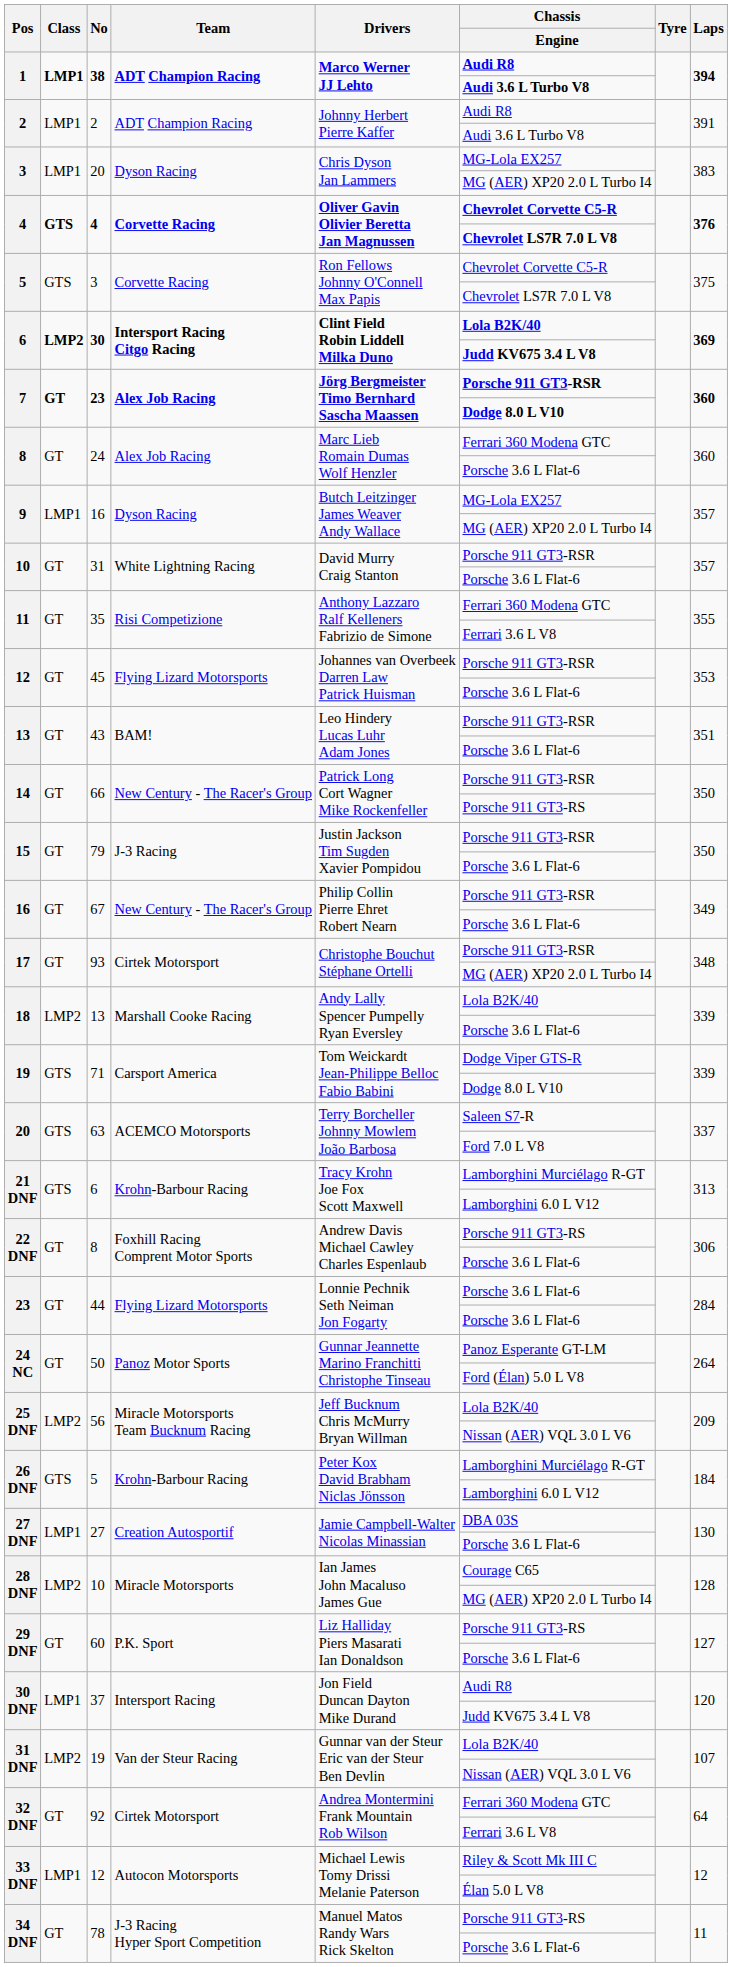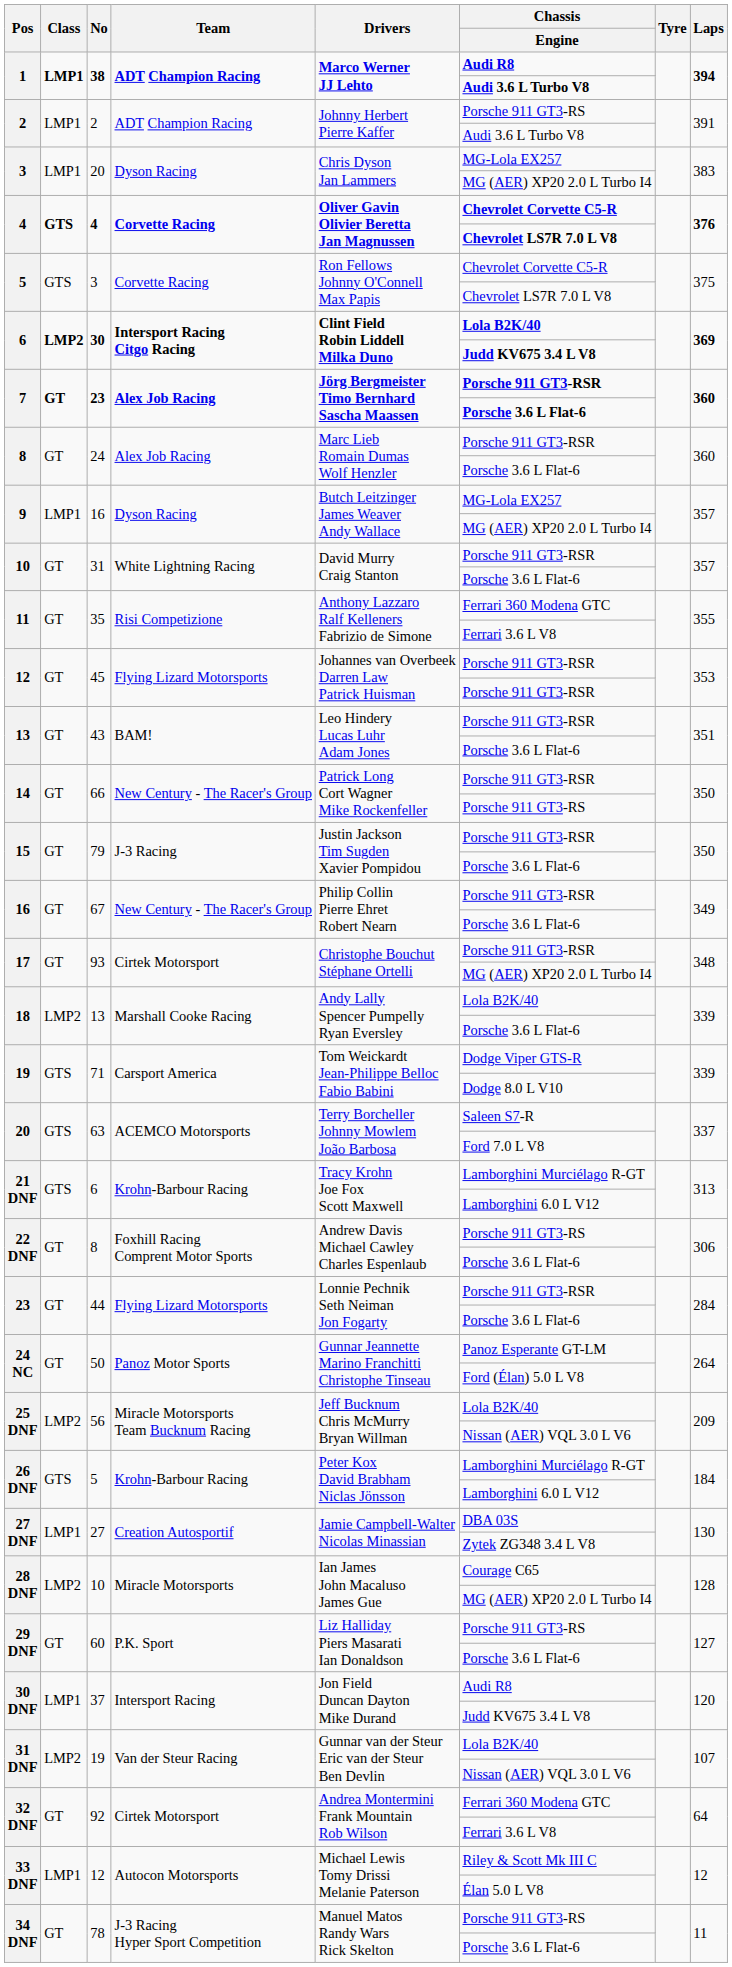 <table class="wikitable" style="font-size: 95%;">
 <tr>
 <th rowspan=2>Pos</th>
 <th rowspan=2>Class</th>
 <th rowspan=2>No</th>
 <th rowspan=2>Team</th>
 <th rowspan=2>Drivers</th>
 <th>Chassis</th>
 <th rowspan=2>Tyre</th>
 <th rowspan=2>Laps</th>
 </tr>
 <tr>
 <th>Engine</th>
 </tr>
 <tr style="font-weight:bold">
 <th rowspan=2>1</th>
 <td rowspan=2>LMP1</td>
 <td rowspan=2>38</td>
 <td rowspan=2> <a href='#'>ADT</a> <a href='#'>Champion Racing</a></td>
 <td rowspan=2> <a href='#'>Marco Werner</a><br> <a href='#'>JJ Lehto</a></td>
 <td><a href='#'>Audi R8</a></td>
 <td rowspan=2></td>
 <td rowspan=2>394</td>
 </tr>
 <tr style="font-weight:bold">
 <td><a href='#'>Audi</a> 3.6 L Turbo V8</td>
 </tr>
 <tr>
 <th rowspan=2>2</th>
 <td rowspan=2>LMP1</td>
 <td rowspan=2>2</td>
 <td rowspan=2> <a href='#'>ADT</a> <a href='#'>Champion Racing</a></td>
 <td rowspan=2> <a href='#'>Johnny Herbert</a><br> <a href='#'>Pierre Kaffer</a></td>
-<td><a href='#'>Audi R8</a></td>
+<td><a href='#'>Porsche 911 GT3</a>-RS</td>
 <td rowspan=2></td>
 <td rowspan=2>391</td>
 </tr>
 <tr>
 <td><a href='#'>Audi</a> 3.6 L Turbo V8</td>
 </tr>
 <tr>
 <th rowspan=2>3</th>
 <td rowspan=2>LMP1</td>
 <td rowspan=2>20</td>
 <td rowspan=2> <a href='#'>Dyson Racing</a></td>
 <td rowspan=2> <a href='#'>Chris Dyson</a><br> <a href='#'>Jan Lammers</a></td>
 <td><a href='#'>MG-Lola EX257</a></td>
 <td rowspan=2></td>
 <td rowspan=2>383</td>
 </tr>
 <tr>
 <td><a href='#'>MG</a> (<a href='#'>AER</a>) XP20 2.0 L Turbo I4</td>
 </tr>
 <tr style="font-weight:bold">
 <th rowspan=2>4</th>
 <td rowspan=2>GTS</td>
 <td rowspan=2>4</td>
 <td rowspan=2> <a href='#'>Corvette Racing</a></td>
 <td rowspan=2> <a href='#'>Oliver Gavin</a><br> <a href='#'>Olivier Beretta</a><br> <a href='#'>Jan Magnussen</a></td>
 <td><a href='#'>Chevrolet Corvette C5-R</a></td>
 <td rowspan=2></td>
 <td rowspan=2>376</td>
 </tr>
 <tr style="font-weight:bold">
 <td><a href='#'>Chevrolet</a> LS7R 7.0 L V8</td>
 </tr>
 <tr>
 <th rowspan=2>5</th>
 <td rowspan=2>GTS</td>
 <td rowspan=2>3</td>
 <td rowspan=2> <a href='#'>Corvette Racing</a></td>
 <td rowspan=2> <a href='#'>Ron Fellows</a><br> <a href='#'>Johnny O'Connell</a><br> <a href='#'>Max Papis</a></td>
 <td><a href='#'>Chevrolet Corvette C5-R</a></td>
 <td rowspan=2></td>
 <td rowspan=2>375</td>
 </tr>
 <tr>
 <td><a href='#'>Chevrolet</a> LS7R 7.0 L V8</td>
 </tr>
 <tr style="font-weight:bold">
 <th rowspan=2>6</th>
 <td rowspan=2>LMP2</td>
 <td rowspan=2>30</td>
 <td rowspan=2> Intersport Racing<br> <a href='#'>Citgo</a> Racing</td>
 <td rowspan=2> Clint Field<br> Robin Liddell<br> <a href='#'>Milka Duno</a></td>
 <td><a href='#'>Lola B2K/40</a></td>
 <td rowspan=2></td>
 <td rowspan=2>369</td>
 </tr>
 <tr style="font-weight:bold">
 <td><a href='#'>Judd</a> KV675 3.4 L V8</td>
 </tr>
 <tr style="font-weight:bold">
 <th rowspan=2>7</th>
 <td rowspan=2>GT</td>
 <td rowspan=2>23</td>
 <td rowspan=2> <a href='#'>Alex Job Racing</a></td>
 <td rowspan=2> <a href='#'>Jörg Bergmeister</a><br> <a href='#'>Timo Bernhard</a><br> <a href='#'>Sascha Maassen</a></td>
 <td><a href='#'>Porsche 911 GT3</a>-RSR</td>
 <td rowspan=2></td>
 <td rowspan=2>360</td>
 </tr>
 <tr style="font-weight:bold">
-<td><a href='#'>Dodge</a> 8.0 L V10</td>
+<td><a href='#'>Porsche</a> 3.6 L Flat-6</td>
 </tr>
 <tr>
 <th rowspan=2>8</th>
 <td rowspan=2>GT</td>
 <td rowspan=2>24</td>
 <td rowspan=2> <a href='#'>Alex Job Racing</a></td>
 <td rowspan=2> <a href='#'>Marc Lieb</a><br> <a href='#'>Romain Dumas</a><br> <a href='#'>Wolf Henzler</a></td>
-<td><a href='#'>Ferrari 360 Modena</a> GTC</td>
+<td><a href='#'>Porsche 911 GT3</a>-RSR</td>
 <td rowspan=2></td>
 <td rowspan=2>360</td>
 </tr>
 <tr>
 <td><a href='#'>Porsche</a> 3.6 L Flat-6</td>
 </tr>
 <tr>
 <th rowspan=2>9</th>
 <td rowspan=2>LMP1</td>
 <td rowspan=2>16</td>
 <td rowspan=2> <a href='#'>Dyson Racing</a></td>
 <td rowspan=2> <a href='#'>Butch Leitzinger</a><br> <a href='#'>James Weaver</a><br> <a href='#'>Andy Wallace</a></td>
 <td><a href='#'>MG-Lola EX257</a></td>
 <td rowspan=2></td>
 <td rowspan=2>357</td>
 </tr>
 <tr>
 <td><a href='#'>MG</a> (<a href='#'>AER</a>) XP20 2.0 L Turbo I4</td>
 </tr>
 <tr>
 <th rowspan=2>10</th>
 <td rowspan=2>GT</td>
 <td rowspan=2>31</td>
 <td rowspan=2> White Lightning Racing</td>
 <td rowspan=2> David Murry<br> Craig Stanton</td>
 <td><a href='#'>Porsche 911 GT3</a>-RSR</td>
 <td rowspan=2></td>
 <td rowspan=2>357</td>
 </tr>
 <tr>
 <td><a href='#'>Porsche</a> 3.6 L Flat-6</td>
 </tr>
 <tr>
 <th rowspan=2>11</th>
 <td rowspan=2>GT</td>
 <td rowspan=2>35</td>
 <td rowspan=2> <a href='#'>Risi Competizione</a></td>
 <td rowspan=2> <a href='#'>Anthony Lazzaro</a><br> <a href='#'>Ralf Kelleners</a><br> Fabrizio de Simone</td>
 <td><a href='#'>Ferrari 360 Modena</a> GTC</td>
 <td rowspan=2></td>
 <td rowspan=2>355</td>
 </tr>
 <tr>
 <td><a href='#'>Ferrari</a> 3.6 L V8</td>
 </tr>
 <tr>
 <th rowspan=2>12</th>
 <td rowspan=2>GT</td>
 <td rowspan=2>45</td>
 <td rowspan=2> <a href='#'>Flying Lizard Motorsports</a></td>
 <td rowspan=2> Johannes van Overbeek<br> <a href='#'>Darren Law</a><br> <a href='#'>Patrick Huisman</a></td>
 <td><a href='#'>Porsche 911 GT3</a>-RSR</td>
 <td rowspan=2></td>
 <td rowspan=2>353</td>
 </tr>
 <tr>
-<td><a href='#'>Porsche</a> 3.6 L Flat-6</td>
+<td><a href='#'>Porsche 911 GT3</a>-RSR</td>
 </tr>
 <tr>
 <th rowspan=2>13</th>
 <td rowspan=2>GT</td>
 <td rowspan=2>43</td>
 <td rowspan=2> BAM!</td>
 <td rowspan=2> Leo Hindery<br> <a href='#'>Lucas Luhr</a><br> <a href='#'>Adam Jones</a></td>
 <td><a href='#'>Porsche 911 GT3</a>-RSR</td>
 <td rowspan=2></td>
 <td rowspan=2>351</td>
 </tr>
 <tr>
 <td><a href='#'>Porsche</a> 3.6 L Flat-6</td>
 </tr>
 <tr>
 <th rowspan=2>14</th>
 <td rowspan=2>GT</td>
 <td rowspan=2>66</td>
 <td rowspan=2> <a href='#'>New Century</a> - <a href='#'>The Racer's Group</a></td>
 <td rowspan=2> <a href='#'>Patrick Long</a><br> Cort Wagner<br> <a href='#'>Mike Rockenfeller</a></td>
 <td><a href='#'>Porsche 911 GT3</a>-RSR</td>
 <td rowspan=2></td>
 <td rowspan=2>350</td>
 </tr>
 <tr>
 <td><a href='#'>Porsche 911 GT3</a>-RS</td>
 </tr>
 <tr>
 <th rowspan=2>15</th>
 <td rowspan=2>GT</td>
 <td rowspan=2>79</td>
 <td rowspan=2> J-3 Racing</td>
 <td rowspan=2> Justin Jackson<br> <a href='#'>Tim Sugden</a><br> Xavier Pompidou</td>
 <td><a href='#'>Porsche 911 GT3</a>-RSR</td>
 <td rowspan=2></td>
 <td rowspan=2>350</td>
 </tr>
 <tr>
 <td><a href='#'>Porsche</a> 3.6 L Flat-6</td>
 </tr>
 <tr>
 <th rowspan=2>16</th>
 <td rowspan=2>GT</td>
 <td rowspan=2>67</td>
 <td rowspan=2> <a href='#'>New Century</a> - <a href='#'>The Racer's Group</a></td>
 <td rowspan=2> Philip Collin<br> Pierre Ehret<br> Robert Nearn</td>
 <td><a href='#'>Porsche 911 GT3</a>-RSR</td>
 <td rowspan=2></td>
 <td rowspan=2>349</td>
 </tr>
 <tr>
 <td><a href='#'>Porsche</a> 3.6 L Flat-6</td>
 </tr>
 <tr>
 <th rowspan=2>17</th>
 <td rowspan=2>GT</td>
 <td rowspan=2>93</td>
 <td rowspan=2> Cirtek Motorsport</td>
 <td rowspan=2> <a href='#'>Christophe Bouchut</a><br> <a href='#'>Stéphane Ortelli</a></td>
 <td><a href='#'>Porsche 911 GT3</a>-RSR</td>
 <td rowspan=2></td>
 <td rowspan=2>348</td>
 </tr>
 <tr>
 <td><a href='#'>MG</a> (<a href='#'>AER</a>) XP20 2.0 L Turbo I4</td>
 </tr>
 <tr>
 <th rowspan=2>18</th>
 <td rowspan=2>LMP2</td>
 <td rowspan=2>13</td>
 <td rowspan=2> Marshall Cooke Racing</td>
 <td rowspan=2> <a href='#'>Andy Lally</a><br> Spencer Pumpelly<br> Ryan Eversley</td>
 <td><a href='#'>Lola B2K/40</a></td>
 <td rowspan=2></td>
 <td rowspan=2>339</td>
 </tr>
 <tr>
 <td><a href='#'>Porsche</a> 3.6 L Flat-6</td>
 </tr>
 <tr>
 <th rowspan=2>19</th>
 <td rowspan=2>GTS</td>
 <td rowspan=2>71</td>
 <td rowspan=2> Carsport America</td>
 <td rowspan=2> Tom Weickardt<br> <a href='#'>Jean-Philippe Belloc</a><br> <a href='#'>Fabio Babini</a></td>
 <td><a href='#'>Dodge Viper GTS-R</a></td>
 <td rowspan=2></td>
 <td rowspan=2>339</td>
 </tr>
 <tr>
 <td><a href='#'>Dodge</a> 8.0 L V10</td>
 </tr>
 <tr>
 <th rowspan=2>20</th>
 <td rowspan=2>GTS</td>
 <td rowspan=2>63</td>
 <td rowspan=2> ACEMCO Motorsports</td>
 <td rowspan=2> <a href='#'>Terry Borcheller</a><br> <a href='#'>Johnny Mowlem</a><br> <a href='#'>João Barbosa</a></td>
 <td><a href='#'>Saleen S7</a>-R</td>
 <td rowspan=2></td>
 <td rowspan=2>337</td>
 </tr>
 <tr>
 <td><a href='#'>Ford</a> 7.0 L V8</td>
 </tr>
 <tr>
 <th rowspan=2>21<br>DNF</th>
 <td rowspan=2>GTS</td>
 <td rowspan=2>6</td>
 <td rowspan=2> <a href='#'>Krohn</a>-Barbour Racing</td>
 <td rowspan=2> <a href='#'>Tracy Krohn</a><br> Joe Fox<br> Scott Maxwell</td>
 <td><a href='#'>Lamborghini Murciélago</a> R-GT</td>
 <td rowspan=2></td>
 <td rowspan=2>313</td>
 </tr>
 <tr>
 <td><a href='#'>Lamborghini</a> 6.0 L V12</td>
 </tr>
 <tr>
 <th rowspan=2>22<br>DNF</th>
 <td rowspan=2>GT</td>
 <td rowspan=2>8</td>
 <td rowspan=2> Foxhill Racing<br> Comprent Motor Sports</td>
 <td rowspan=2> Andrew Davis<br> Michael Cawley<br> Charles Espenlaub</td>
 <td><a href='#'>Porsche 911 GT3</a>-RS</td>
 <td rowspan=2></td>
 <td rowspan=2>306</td>
 </tr>
 <tr>
 <td><a href='#'>Porsche</a> 3.6 L Flat-6</td>
 </tr>
 <tr>
 <th rowspan=2>23</th>
 <td rowspan=2>GT</td>
 <td rowspan=2>44</td>
 <td rowspan=2> <a href='#'>Flying Lizard Motorsports</a></td>
 <td rowspan=2> Lonnie Pechnik<br> Seth Neiman<br> <a href='#'>Jon Fogarty</a></td>
-<td><a href='#'>Porsche</a> 3.6 L Flat-6</td>
+<td><a href='#'>Porsche 911 GT3</a>-RSR</td>
 <td rowspan=2></td>
 <td rowspan=2>284</td>
 </tr>
 <tr>
 <td><a href='#'>Porsche</a> 3.6 L Flat-6</td>
 </tr>
 <tr>
 <th rowspan=2>24<br>NC</th>
 <td rowspan=2>GT</td>
 <td rowspan=2>50</td>
 <td rowspan=2> <a href='#'>Panoz</a> Motor Sports</td>
 <td rowspan=2> <a href='#'>Gunnar Jeannette</a><br> <a href='#'>Marino Franchitti</a><br> <a href='#'>Christophe Tinseau</a></td>
 <td><a href='#'>Panoz Esperante</a> GT-LM</td>
 <td rowspan=2></td>
 <td rowspan=2>264</td>
 </tr>
 <tr>
 <td><a href='#'>Ford</a> (<a href='#'>Élan</a>) 5.0 L V8</td>
 </tr>
 <tr>
 <th rowspan=2>25<br>DNF</th>
 <td rowspan=2>LMP2</td>
 <td rowspan=2>56</td>
 <td rowspan=2> Miracle Motorsports<br> Team <a href='#'>Bucknum</a> Racing</td>
 <td rowspan=2> <a href='#'>Jeff Bucknum</a><br> Chris McMurry<br> Bryan Willman</td>
 <td><a href='#'>Lola B2K/40</a></td>
 <td rowspan=2></td>
 <td rowspan=2>209</td>
 </tr>
 <tr>
 <td><a href='#'>Nissan</a> (<a href='#'>AER</a>) VQL 3.0 L V6</td>
 </tr>
 <tr>
 <th rowspan=2>26<br>DNF</th>
 <td rowspan=2>GTS</td>
 <td rowspan=2>5</td>
 <td rowspan=2> <a href='#'>Krohn</a>-Barbour Racing</td>
 <td rowspan=2> <a href='#'>Peter Kox</a><br> <a href='#'>David Brabham</a><br> <a href='#'>Niclas Jönsson</a></td>
 <td><a href='#'>Lamborghini Murciélago</a> R-GT</td>
 <td rowspan=2></td>
 <td rowspan=2>184</td>
 </tr>
 <tr>
 <td><a href='#'>Lamborghini</a> 6.0 L V12</td>
 </tr>
 <tr>
 <th rowspan=2>27<br>DNF</th>
 <td rowspan=2>LMP1</td>
 <td rowspan=2>27</td>
 <td rowspan=2> <a href='#'>Creation Autosportif</a></td>
 <td rowspan=2> <a href='#'>Jamie Campbell-Walter</a><br> <a href='#'>Nicolas Minassian</a></td>
 <td><a href='#'>DBA 03S</a></td>
 <td rowspan=2></td>
 <td rowspan=2>130</td>
 </tr>
 <tr>
-<td><a href='#'>Porsche</a> 3.6 L Flat-6</td>
+<td><a href='#'>Zytek</a> ZG348 3.4 L V8</td>
 </tr>
 <tr>
 <th rowspan=2>28<br>DNF</th>
 <td rowspan=2>LMP2</td>
 <td rowspan=2>10</td>
 <td rowspan=2> Miracle Motorsports</td>
 <td rowspan=2> Ian James<br> John Macaluso<br> James Gue</td>
 <td><a href='#'>Courage</a> C65</td>
 <td rowspan=2></td>
 <td rowspan=2>128</td>
 </tr>
 <tr>
 <td><a href='#'>MG</a> (<a href='#'>AER</a>) XP20 2.0 L Turbo I4</td>
 </tr>
 <tr>
 <th rowspan=2>29<br>DNF</th>
 <td rowspan=2>GT</td>
 <td rowspan=2>60</td>
 <td rowspan=2> P.K. Sport</td>
 <td rowspan=2> <a href='#'>Liz Halliday</a><br> Piers Masarati<br> Ian Donaldson</td>
 <td><a href='#'>Porsche 911 GT3</a>-RS</td>
 <td rowspan=2></td>
 <td rowspan=2>127</td>
 </tr>
 <tr>
 <td><a href='#'>Porsche</a> 3.6 L Flat-6</td>
 </tr>
 <tr>
 <th rowspan=2>30<br>DNF</th>
 <td rowspan=2>LMP1</td>
 <td rowspan=2>37</td>
 <td rowspan=2> Intersport Racing</td>
 <td rowspan=2> Jon Field<br> Duncan Dayton<br> Mike Durand</td>
 <td><a href='#'>Audi R8</a></td>
 <td rowspan=2></td>
 <td rowspan=2>120</td>
 </tr>
 <tr>
 <td><a href='#'>Judd</a> KV675 3.4 L V8</td>
 </tr>
 <tr>
 <th rowspan=2>31<br>DNF</th>
 <td rowspan=2>LMP2</td>
 <td rowspan=2>19</td>
 <td rowspan=2> Van der Steur Racing</td>
 <td rowspan=2> Gunnar van der Steur<br> Eric van der Steur<br> Ben Devlin</td>
 <td><a href='#'>Lola B2K/40</a></td>
 <td rowspan=2></td>
 <td rowspan=2>107</td>
 </tr>
 <tr>
 <td><a href='#'>Nissan</a> (<a href='#'>AER</a>) VQL 3.0 L V6</td>
 </tr>
 <tr>
 <th rowspan=2>32<br>DNF</th>
 <td rowspan=2>GT</td>
 <td rowspan=2>92</td>
 <td rowspan=2> Cirtek Motorsport</td>
 <td rowspan=2> <a href='#'>Andrea Montermini</a><br> Frank Mountain<br> <a href='#'>Rob Wilson</a></td>
 <td><a href='#'>Ferrari 360 Modena</a> GTC</td>
 <td rowspan=2></td>
 <td rowspan=2>64</td>
 </tr>
 <tr>
 <td><a href='#'>Ferrari</a> 3.6 L V8</td>
 </tr>
 <tr>
 <th rowspan=2>33<br>DNF</th>
 <td rowspan=2>LMP1</td>
 <td rowspan=2>12</td>
 <td rowspan=2> Autocon Motorsports</td>
 <td rowspan=2> Michael Lewis<br> Tomy Drissi<br> Melanie Paterson</td>
 <td><a href='#'>Riley & Scott Mk III C</a></td>
 <td rowspan=2></td>
 <td rowspan=2>12</td>
 </tr>
 <tr>
 <td><a href='#'>Élan</a> 5.0 L V8</td>
 </tr>
 <tr>
 <th rowspan=2>34<br>DNF</th>
 <td rowspan=2>GT</td>
 <td rowspan=2>78</td>
 <td rowspan=2> J-3 Racing<br> Hyper Sport Competition</td>
 <td rowspan=2> Manuel Matos<br> Randy Wars<br> Rick Skelton</td>
 <td><a href='#'>Porsche 911 GT3</a>-RS</td>
 <td rowspan=2></td>
 <td rowspan=2>11</td>
 </tr>
 <tr>
 <td><a href='#'>Porsche</a> 3.6 L Flat-6</td>
 </tr>
 </table>
